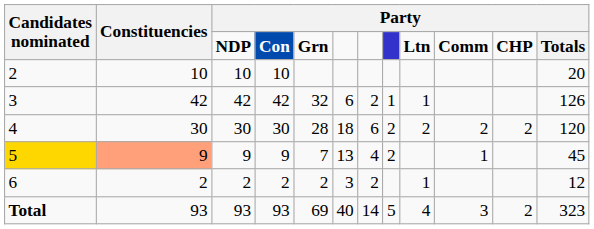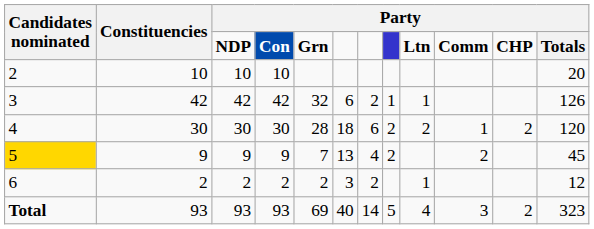 <table class="wikitable" style="text-align:right;">
 <tr>
 <th rowspan="2">Candidates<br>nominated</th>
 <th rowspan="2">Constituencies</th>
 <th colspan="10">Party</th>
 </tr>
 <tr>
 <td><strong>NDP</strong></td>
 <td style="background: #004aad; color: white;" align="center"><strong>Con</strong></td>
 <td><strong>Grn</strong></td>
 <td><strong></strong></td>
 <td><strong></strong></td>
 <td style="background: #3333cc; color: white;" align="center"><strong></strong></td>
 <td><strong>Ltn</strong></td>
 <td><strong>Comm</strong></td>
 <td><strong>CHP</strong></td>
 <th>Totals</th>
 </tr>
 <tr>
 <td style="text-align:left;">2</td>
 <td>10</td>
 <td>10</td>
 <td>10</td>
 <td></td>
 <td></td>
 <td></td>
 <td></td>
 <td></td>
 <td></td>
 <td></td>
 <td>20</td>
 </tr>
 <tr>
 <td style="text-align:left;">3</td>
 <td>42</td>
 <td>42</td>
 <td>42</td>
 <td>32</td>
 <td>6</td>
 <td>2</td>
 <td>1</td>
 <td>1</td>
 <td></td>
 <td></td>
 <td>126</td>
 </tr>
 <tr>
 <td style="text-align:left;">4</td>
 <td>30</td>
 <td>30</td>
 <td>30</td>
 <td>28</td>
 <td>18</td>
 <td>6</td>
 <td>2</td>
 <td>2</td>
-<td>2</td>
+<td>1</td>
 <td>2</td>
 <td>120</td>
 </tr>
 <tr>
 <td style="background: gold; text-align:left;">5</td>
-<td style="background: lightsalmon;">9</td>
+<td>9</td>
 <td>9</td>
 <td>9</td>
 <td>7</td>
 <td>13</td>
 <td>4</td>
 <td>2</td>
 <td></td>
-<td>1</td>
+<td>2</td>
 <td></td>
 <td>45</td>
 </tr>
 <tr>
 <td style="text-align:left;">6</td>
 <td>2</td>
 <td>2</td>
 <td>2</td>
 <td>2</td>
 <td>3</td>
 <td>2</td>
 <td></td>
 <td>1</td>
 <td></td>
 <td></td>
 <td>12</td>
 </tr>
 <tr>
 <td style="text-align:left;"><strong>Total</strong></td>
 <td>93</td>
 <td>93</td>
 <td>93</td>
 <td>69</td>
 <td>40</td>
 <td>14</td>
 <td>5</td>
 <td>4</td>
 <td>3</td>
 <td>2</td>
 <td>323</td>
 </tr>
 </table>
